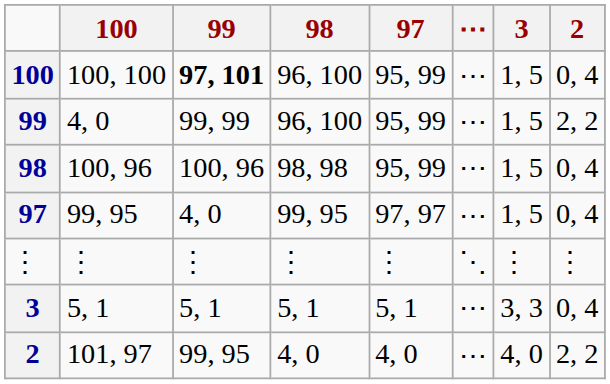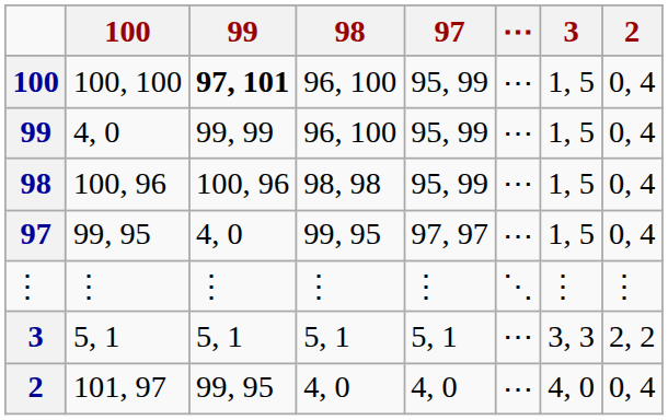 <table class="wikitable">
 <tr>
 <td></td>
 <th scope="col" style="color: #900">100</th>
 <th scope="col" style="color: #900">99</th>
 <th scope="col" style="color: #900">98</th>
 <th scope="col" style="color: #900">97</th>
 <th scope="col" style="color: #900">⋯</th>
 <th scope="col" style="color: #900">3</th>
 <th scope="col" style="color: #900">2</th>
 </tr>
 <tr>
 <th scope="row" style="color: #009">100</th>
 <td><span>100</span>, <span>100</span></td>
 <td><strong><span>97</span>, <span>101</span></strong></td>
 <td><span>96</span>, <span>100</span></td>
 <td><span>95</span>, <span>99</span></td>
 <td>⋯</td>
 <td><span>1</span>, <span>5</span></td>
 <td><span>0</span>, <span>4</span></td>
 </tr>
 <tr>
 <th scope="row" style="color: #009">99</th>
 <td><span>4</span>, <span>0</span></td>
 <td><span>99</span>, <span>99</span></td>
 <td><span>96</span>, <span>100</span></td>
 <td><span>95</span>, <span>99</span></td>
 <td>⋯</td>
 <td><span>1</span>, <span>5</span></td>
-<td><span>2</span>, <span>2</span></td>
+<td><span>0</span>, <span>4</span></td>
 </tr>
 <tr>
 <th scope="row" style="color: #009">98</th>
 <td><span>100</span>, <span>96</span></td>
 <td><span>100</span>, <span>96</span></td>
 <td><span>98</span>, <span>98</span></td>
 <td><span>95</span>, <span>99</span></td>
 <td>⋯</td>
 <td><span>1</span>, <span>5</span></td>
 <td><span>0</span>, <span>4</span></td>
 </tr>
 <tr>
 <th scope="row" style="color: #009">97</th>
 <td><span>99</span>, <span>95</span></td>
 <td><span>4</span>, <span>0</span></td>
 <td><span>99</span>, <span>95</span></td>
 <td><span>97</span>, <span>97</span></td>
 <td>⋯</td>
 <td><span>1</span>, <span>5</span></td>
 <td><span>0</span>, <span>4</span></td>
 </tr>
 <tr>
 <td>⋮</td>
 <td>⋮</td>
 <td>⋮</td>
 <td>⋮</td>
 <td>⋮</td>
 <td>⋱</td>
 <td>⋮</td>
 <td>⋮</td>
 </tr>
 <tr>
 <th scope="row" style="color: #009">3</th>
 <td><span>5</span>, <span>1</span></td>
 <td><span>5</span>, <span>1</span></td>
 <td><span>5</span>, <span>1</span></td>
 <td><span>5</span>, <span>1</span></td>
 <td>⋯</td>
 <td><span>3</span>, <span>3</span></td>
-<td><span>0</span>, <span>4</span></td>
+<td><span>2</span>, <span>2</span></td>
 </tr>
 <tr>
 <th scope="row" style="color: #009">2</th>
 <td><span>101</span>, <span>97</span></td>
 <td><span>99</span>, <span>95</span></td>
 <td><span>4</span>, <span>0</span></td>
 <td><span>4</span>, <span>0</span></td>
 <td>⋯</td>
 <td><span>4</span>, <span>0</span></td>
-<td><span>2</span>, <span>2</span></td>
+<td><span>0</span>, <span>4</span></td>
 </tr>
 </table>
